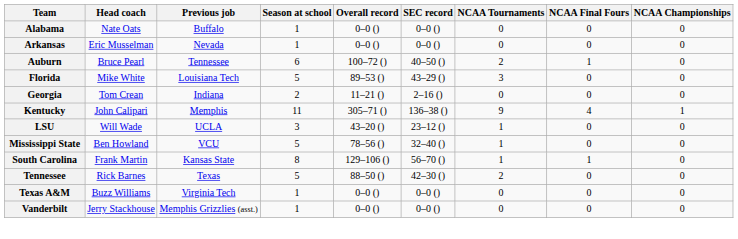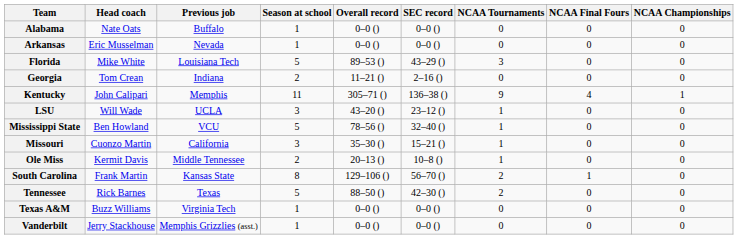 <table class="wikitable sortable" style="text-align: center;font-size:90%;">
 <tr>
 <th width="110">Team</th>
 <th>Head coach</th>
 <th>Previous job</th>
 <th>Season at school</th>
 <th>Overall record</th>
 <th>SEC record</th>
 <th>NCAA Tournaments</th>
 <th>NCAA Final Fours</th>
 <th>NCAA Championships</th>
 </tr>
 <tr>
 <th>Alabama</th>
 <td><a href='#'>Nate Oats</a></td>
 <td><a href='#'>Buffalo</a></td>
 <td>1</td>
 <td>0–0 ()</td>
 <td>0–0 ()</td>
 <td>0</td>
 <td>0</td>
 <td>0</td>
 </tr>
 <tr>
 <th>Arkansas</th>
 <td><a href='#'>Eric Musselman</a></td>
 <td><a href='#'>Nevada</a></td>
 <td>1</td>
 <td>0–0 ()</td>
 <td>0–0 ()</td>
 <td>0</td>
 <td>0</td>
-<td>0</td>
-</tr>
-<tr>
-<th>Auburn</th>
-<td><a href='#'>Bruce Pearl</a></td>
-<td><a href='#'>Tennessee</a></td>
-<td>6</td>
-<td>100–72 ()</td>
-<td>40–50 ()</td>
-<td>2</td>
-<td>1</td>
 <td>0</td>
 </tr>
 <tr>
 <th>Florida</th>
 <td><a href='#'>Mike White</a></td>
 <td><a href='#'>Louisiana Tech</a></td>
 <td>5</td>
 <td>89–53 ()</td>
 <td>43–29 ()</td>
 <td>3</td>
 <td>0</td>
 <td>0</td>
 </tr>
 <tr>
 <th>Georgia</th>
 <td><a href='#'>Tom Crean</a></td>
 <td><a href='#'>Indiana</a></td>
 <td>2</td>
 <td>11–21 ()</td>
 <td>2–16 ()</td>
 <td>0</td>
 <td>0</td>
 <td>0</td>
 </tr>
 <tr>
 <th>Kentucky</th>
 <td><a href='#'>John Calipari</a></td>
 <td><a href='#'>Memphis</a></td>
 <td>11</td>
 <td>305–71 ()</td>
 <td>136–38 ()</td>
 <td>9</td>
 <td>4</td>
 <td>1</td>
 </tr>
 <tr>
 <th>LSU</th>
 <td><a href='#'>Will Wade</a></td>
 <td><a href='#'>UCLA</a></td>
 <td>3</td>
 <td>43–20 ()</td>
 <td>23–12 ()</td>
 <td>1</td>
 <td>0</td>
 <td>0</td>
 </tr>
 <tr>
 <th>Mississippi State</th>
 <td><a href='#'>Ben Howland</a></td>
 <td><a href='#'>VCU</a></td>
 <td>5</td>
 <td>78–56 ()</td>
 <td>32–40 ()</td>
 <td>1</td>
 <td>0</td>
 <td>0</td>
 </tr>
 <tr>
+<th>Missouri</th>
+<td><a href='#'>Cuonzo Martin</a></td>
+<td><a href='#'>California</a></td>
+<td>3</td>
+<td>35–30 ()</td>
+<td>15–21 ()</td>
+<td>1</td>
+<td>0</td>
+<td>0</td>
+</tr>
+<tr>
+<th>Ole Miss</th>
+<td><a href='#'>Kermit Davis</a></td>
+<td><a href='#'>Middle Tennessee</a></td>
+<td>2</td>
+<td>20–13 ()</td>
+<td>10–8 ()</td>
+<td>1</td>
+<td>0</td>
+<td>0</td>
+</tr>
+<tr>
 <th>South Carolina</th>
 <td><a href='#'>Frank Martin</a></td>
 <td><a href='#'>Kansas State</a></td>
 <td>8</td>
 <td>129–106 ()</td>
 <td>56–70 ()</td>
-<td>1</td>
+<td>2</td>
 <td>1</td>
 <td>0</td>
 </tr>
 <tr>
 <th>Tennessee</th>
 <td><a href='#'>Rick Barnes</a></td>
 <td><a href='#'>Texas</a></td>
 <td>5</td>
 <td>88–50 ()</td>
 <td>42–30 ()</td>
 <td>2</td>
 <td>0</td>
 <td>0</td>
 </tr>
 <tr>
 <th>Texas A&M</th>
 <td><a href='#'>Buzz Williams</a></td>
 <td><a href='#'>Virginia Tech</a></td>
 <td>1</td>
 <td>0–0 ()</td>
 <td>0–0 ()</td>
 <td>0</td>
 <td>0</td>
 <td>0</td>
 </tr>
 <tr>
 <th>Vanderbilt</th>
 <td><a href='#'>Jerry Stackhouse</a></td>
 <td><a href='#'>Memphis Grizzlies</a> <small>(asst.)</small></td>
 <td>1</td>
 <td>0–0 ()</td>
 <td>0–0 ()</td>
 <td>0</td>
 <td>0</td>
 <td>0</td>
 </tr>
 </table>
